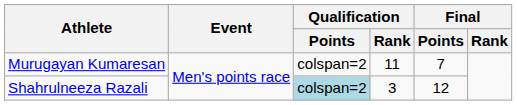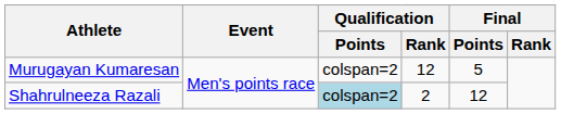 <table class=wikitable style="text-align:center; font-size:90%">
 <tr>
 <th rowspan=2>Athlete</th>
 <th rowspan=2>Event</th>
 <th colspan=2>Qualification</th>
 <th colspan=2>Final</th>
 </tr>
 <tr>
 <th>Points</th>
 <th>Rank</th>
 <th>Points</th>
 <th>Rank</th>
 </tr>
 <tr>
 <td align=left><a href='#'>Murugayan Kumaresan</a></td>
 <td align=left rowspan=2><a href='#'>Men's points race</a></td>
 <td>colspan=2 </td>
-<td>11</td>
-<td>7</td>
+<td>12</td>
+<td>5</td>
 </tr>
 <tr>
 <td align=left><a href='#'>Shahrulneeza Razali</a></td>
 <td style="background: lightblue;">colspan=2 </td>
-<td>3</td>
+<td>2</td>
 <td>12</td>
 </tr>
 </table>
